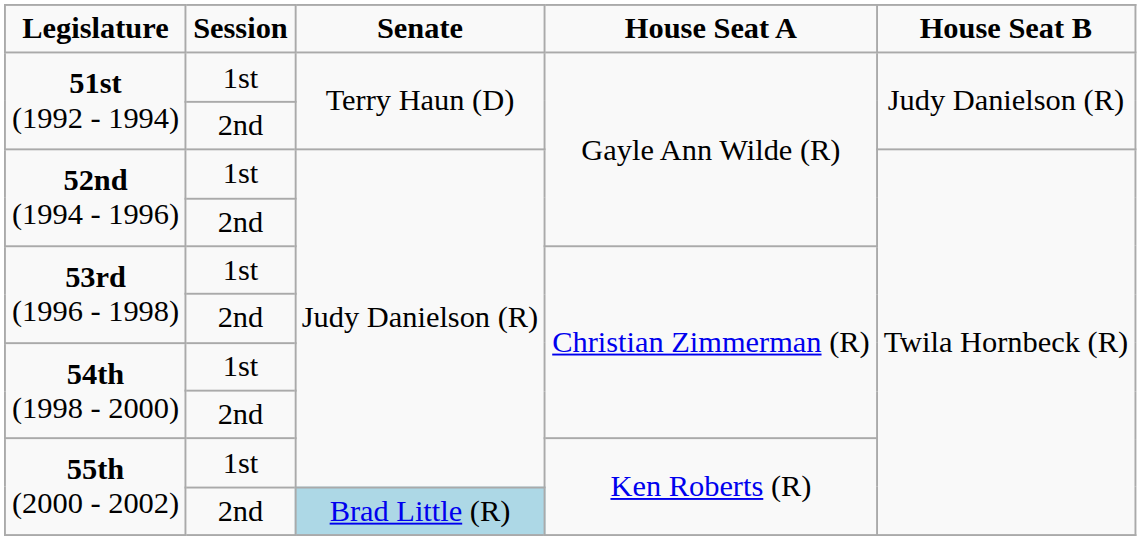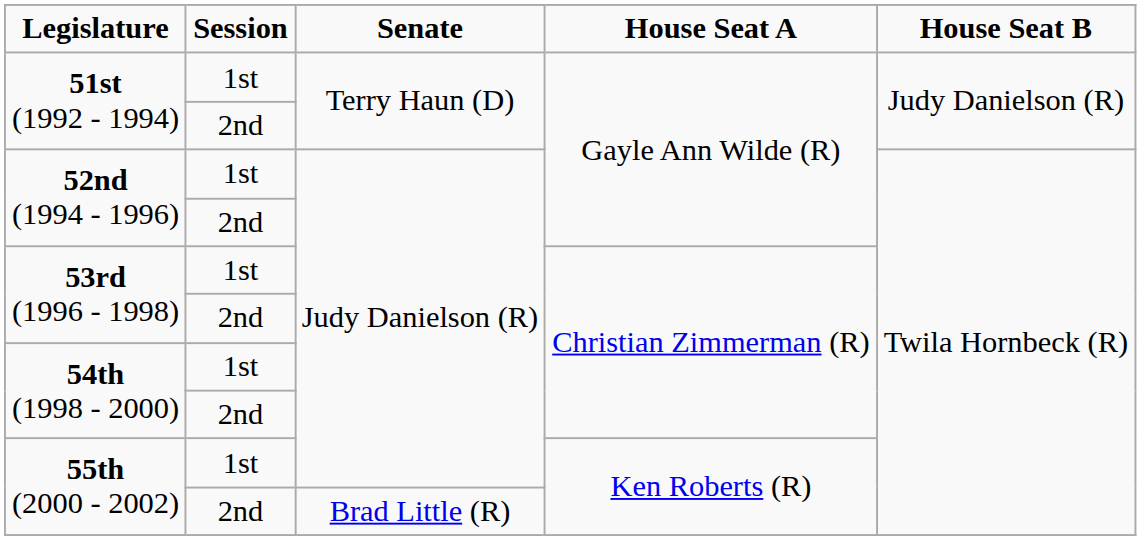 <table class=wikitable style="text-align:center">
 <tr>
 <td><strong>Legislature</strong></td>
 <td><strong>Session</strong></td>
 <td><strong>Senate</strong></td>
 <td><strong>House Seat A</strong></td>
 <td><strong>House Seat B</strong></td>
 </tr>
 <tr>
 <td rowspan="2" colspan="1" style="text-align: center;"><strong>51st</strong> <br> (1992 - 1994)</td>
 <td>1st</td>
 <td rowspan="2" colspan="1" style="text-align: center;" >Terry Haun (D)</td>
 <td rowspan="4" colspan="1" style="text-align: center;" >Gayle Ann Wilde (R)</td>
 <td rowspan="2" colspan="1" style="text-align: center;" >Judy Danielson (R)</td>
 </tr>
 <tr>
 <td>2nd</td>
 </tr>
 <tr>
 <td rowspan="2" colspan="1" style="text-align: center;"><strong>52nd</strong> <br> (1994 - 1996)</td>
 <td>1st</td>
 <td rowspan="7" colspan="1" style="text-align: center;" >Judy Danielson (R)</td>
 <td rowspan="8" colspan="1" style="text-align: center;" >Twila Hornbeck (R)</td>
 </tr>
 <tr>
 <td>2nd</td>
 </tr>
 <tr>
 <td rowspan="2" colspan="1" style="text-align: center;"><strong>53rd</strong> <br> (1996 - 1998)</td>
 <td>1st</td>
 <td rowspan="4" colspan="1" style="text-align: center;" ><a href='#'>Christian Zimmerman</a> (R)</td>
 </tr>
 <tr>
 <td>2nd</td>
 </tr>
 <tr>
 <td rowspan="2" colspan="1" style="text-align: center;"><strong>54th</strong> <br> (1998 - 2000)</td>
 <td>1st</td>
 </tr>
 <tr>
 <td>2nd</td>
 </tr>
 <tr>
 <td rowspan="2" colspan="1" style="text-align: center;"><strong>55th</strong> <br> (2000 - 2002)</td>
 <td>1st</td>
 <td rowspan="2" colspan="1" style="text-align: center;" ><a href='#'>Ken Roberts</a> (R)</td>
 </tr>
 <tr>
 <td>2nd</td>
-<td rowspan="1" colspan="1" style="background: lightblue; text-align: center;" ><a href='#'>Brad Little</a> (R)</td>
+<td rowspan="1" colspan="1" style="text-align: center;" ><a href='#'>Brad Little</a> (R)</td>
 </tr>
 </table>
